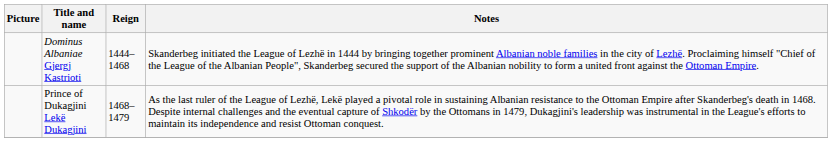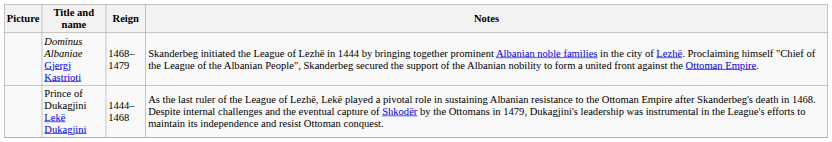 <table class="wikitable">
 <tr ->
 <th>Picture</th>
 <th>Title and name</th>
 <th>Reign</th>
 <th>Notes</th>
 </tr>
 <tr ->
 <td></td>
 <td><em>Dominus Albaniae</em><br><a href='#'>Gjergj Kastrioti</a></td>
-<td>1444–1468</td>
+<td>1468–1479</td>
 <td>Skanderbeg initiated the League of Lezhë in 1444 by bringing together prominent <a href='#'>Albanian noble families</a> in the city of <a href='#'>Lezhë</a>. Proclaiming himself "Chief of the League of the Albanian People", Skanderbeg secured the support of the Albanian nobility to form a united front against the <a href='#'>Ottoman Empire</a>.</td>
 </tr>
 <tr ->
 <td></td>
 <td>Prince of Dukagjini<br><a href='#'>Lekë Dukagjini</a></td>
-<td>1468–1479</td>
+<td>1444–1468</td>
 <td>As the last ruler of the League of Lezhë, Lekë played a pivotal role in sustaining Albanian resistance to the Ottoman Empire after Skanderbeg's death in 1468. Despite internal challenges and the eventual capture of <a href='#'>Shkodër</a> by the Ottomans in 1479, Dukagjini's leadership was instrumental in the League's efforts to maintain its independence and resist Ottoman conquest.</td>
 </tr>
 <tr ->
 </tr>
 </table>
